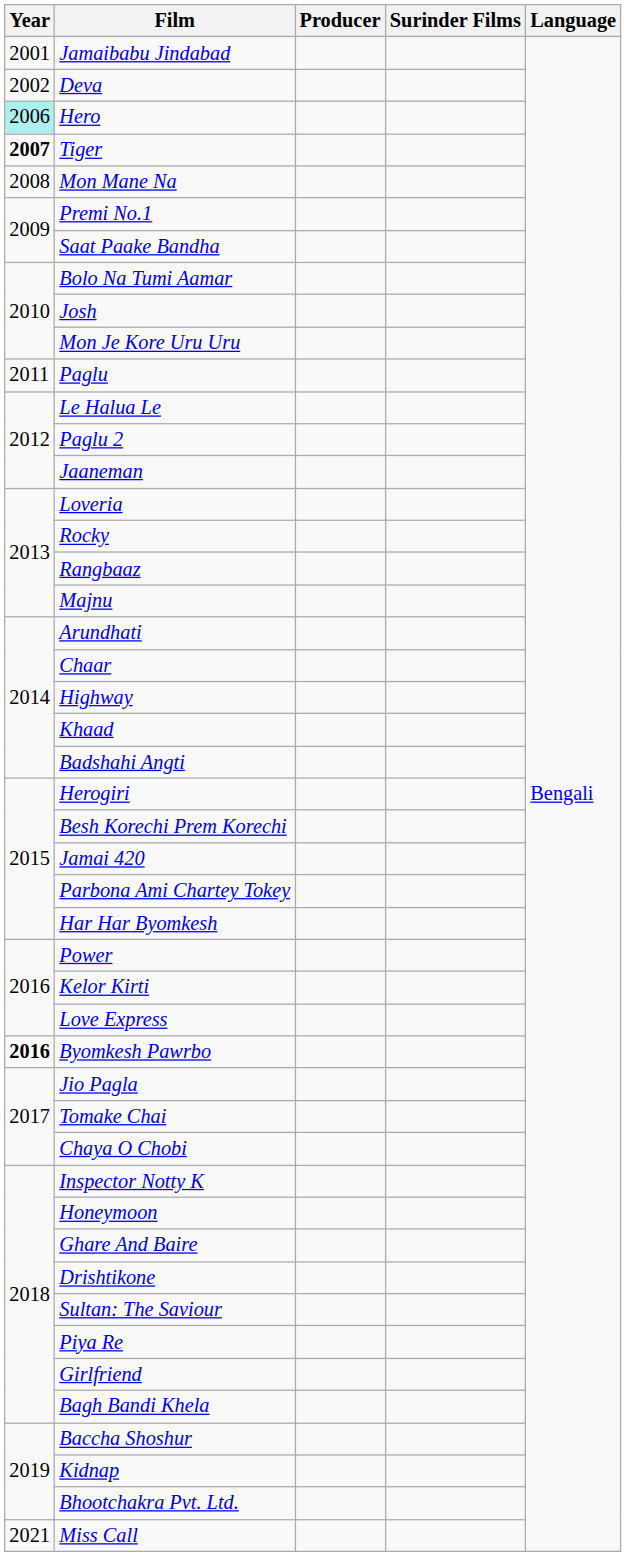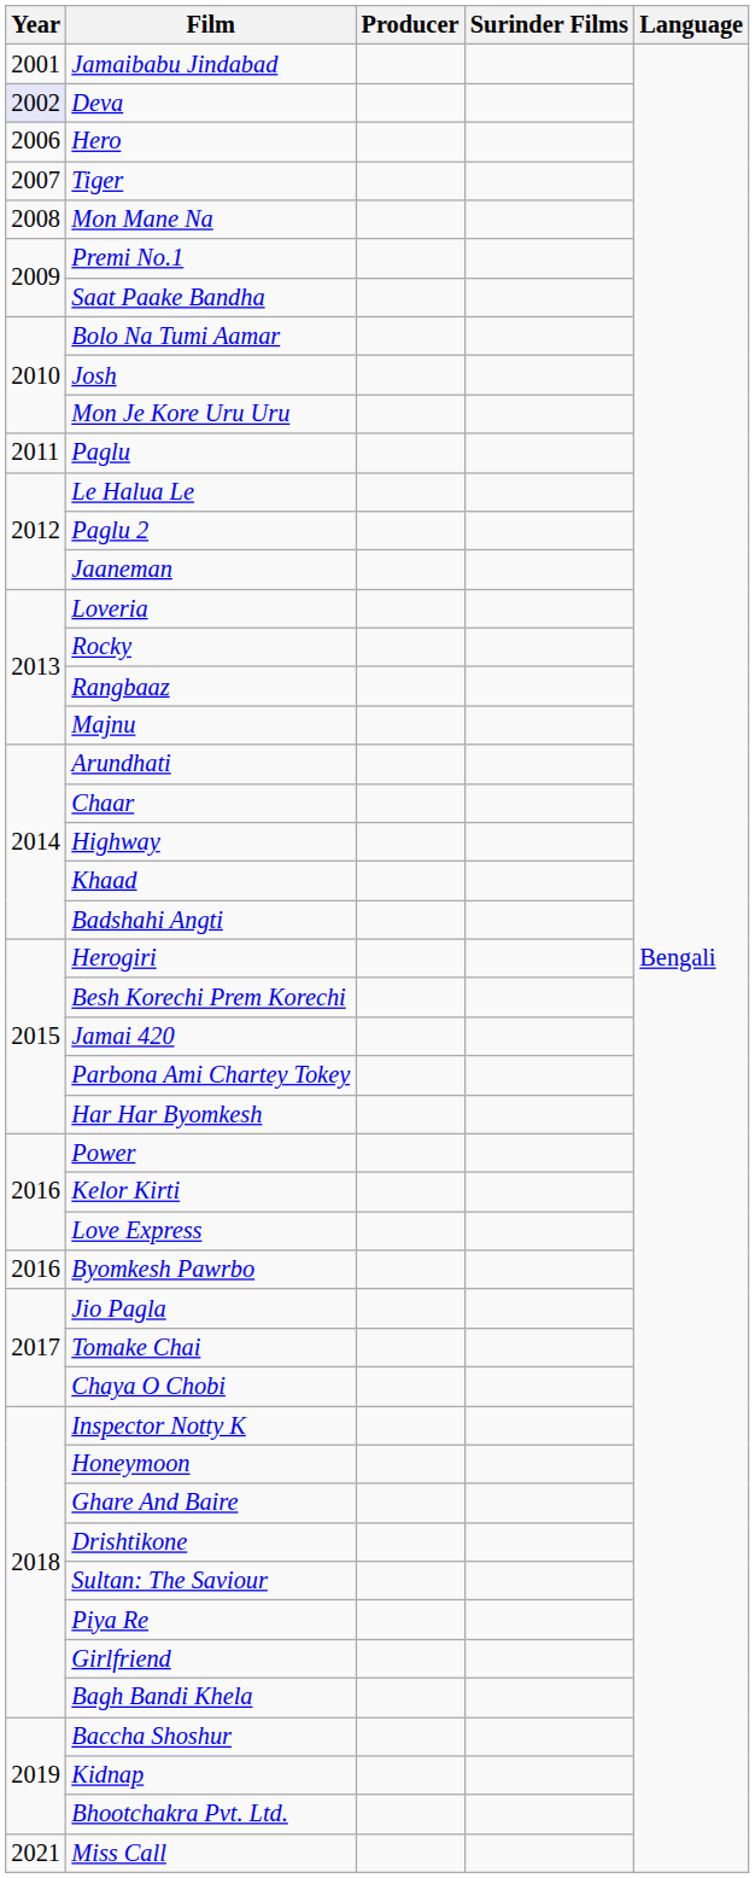 <table class="wikitable sortable">
 <tr>
 <th>Year</th>
 <th>Film</th>
 <th>Producer</th>
 <th>Surinder Films</th>
 <th>Language</th>
 </tr>
 <tr>
 <td>2001</td>
 <td><em><a href='#'>Jamaibabu Jindabad</a></em></td>
 <td></td>
 <td></td>
 <td rowspan="47"><a href='#'>Bengali</a></td>
 </tr>
 <tr>
-<td>2002</td>
+<td style="background: lavender;">2002</td>
 <td><em><a href='#'>Deva</a></em></td>
 <td></td>
 <td></td>
 </tr>
 <tr>
-<td style="background: paleturquoise;">2006</td>
+<td>2006</td>
 <td><em><a href='#'>Hero</a></em></td>
 <td></td>
 <td></td>
 </tr>
 <tr>
-<td><strong>2007</strong></td>
+<td>2007</td>
 <td><em><a href='#'>Tiger</a></em></td>
 <td></td>
 <td></td>
 </tr>
 <tr>
 <td>2008</td>
 <td><em><a href='#'>Mon Mane Na</a></em></td>
 <td></td>
 <td></td>
 </tr>
 <tr>
 <td rowspan="2">2009</td>
 <td><em><a href='#'>Premi No.1</a></em></td>
 <td></td>
 <td></td>
 </tr>
 <tr>
 <td><em><a href='#'>Saat Paake Bandha</a></em></td>
 <td></td>
 <td></td>
 </tr>
 <tr>
 <td rowspan="3">2010</td>
 <td><em><a href='#'>Bolo Na Tumi Aamar</a></em></td>
 <td></td>
 <td></td>
 </tr>
 <tr>
 <td><em><a href='#'>Josh</a></em></td>
 <td></td>
 <td></td>
 </tr>
 <tr>
 <td><em><a href='#'>Mon Je Kore Uru Uru</a></em></td>
 <td></td>
 <td></td>
 </tr>
 <tr>
 <td>2011</td>
 <td><em><a href='#'>Paglu</a></em></td>
 <td></td>
 <td></td>
 </tr>
 <tr>
 <td rowspan="3">2012</td>
 <td><em><a href='#'>Le Halua Le</a></em></td>
 <td></td>
 <td></td>
 </tr>
 <tr>
 <td><em><a href='#'>Paglu 2</a></em></td>
 <td></td>
 <td></td>
 </tr>
 <tr>
 <td><em><a href='#'>Jaaneman</a></em></td>
 <td></td>
 <td></td>
 </tr>
 <tr>
 <td rowspan="4">2013</td>
 <td><em><a href='#'>Loveria</a></em></td>
 <td></td>
 <td></td>
 </tr>
 <tr>
 <td><em><a href='#'>Rocky</a></em></td>
 <td></td>
 <td></td>
 </tr>
 <tr>
 <td><em><a href='#'>Rangbaaz</a></em></td>
 <td></td>
 <td></td>
 </tr>
 <tr>
 <td><em><a href='#'>Majnu</a></em></td>
 <td></td>
 <td></td>
 </tr>
 <tr>
 <td rowspan="5">2014</td>
 <td><em><a href='#'>Arundhati</a></em></td>
 <td></td>
 <td></td>
 </tr>
 <tr>
 <td><em><a href='#'>Chaar</a></em></td>
 <td></td>
 <td></td>
 </tr>
 <tr>
 <td><em><a href='#'>Highway</a></em></td>
 <td></td>
 <td></td>
 </tr>
 <tr>
 <td><em><a href='#'>Khaad</a></em></td>
 <td></td>
 <td></td>
 </tr>
 <tr>
 <td><em><a href='#'>Badshahi Angti</a></em></td>
 <td></td>
 <td></td>
 </tr>
 <tr>
 <td rowspan="5">2015</td>
 <td><em><a href='#'>Herogiri</a></em></td>
 <td></td>
 <td></td>
 </tr>
 <tr>
 <td><em><a href='#'>Besh Korechi Prem Korechi</a></em></td>
 <td></td>
 <td></td>
 </tr>
 <tr>
 <td><em><a href='#'>Jamai 420</a></em></td>
 <td></td>
 <td></td>
 </tr>
 <tr>
 <td><em><a href='#'>Parbona Ami Chartey Tokey</a></em></td>
 <td></td>
 <td></td>
 </tr>
 <tr>
 <td><em><a href='#'>Har Har Byomkesh</a></em></td>
 <td></td>
 <td></td>
 </tr>
 <tr>
 <td rowspan="3">2016</td>
 <td><em><a href='#'>Power</a></em></td>
 <td></td>
 <td></td>
 </tr>
 <tr>
 <td><em><a href='#'>Kelor Kirti</a></em></td>
 <td></td>
 <td></td>
 </tr>
 <tr>
 <td><em><a href='#'>Love Express</a></em></td>
 <td></td>
 <td></td>
 </tr>
 <tr>
-<td rowspan="1"><strong>2016</strong></td>
+<td rowspan="1">2016</td>
 <td><em><a href='#'>Byomkesh Pawrbo</a></em></td>
 <td></td>
 <td></td>
 </tr>
 <tr>
 <td rowspan="3">2017</td>
 <td><em><a href='#'>Jio Pagla</a></em></td>
 <td></td>
 <td></td>
 </tr>
 <tr>
 <td><em><a href='#'>Tomake Chai</a></em></td>
 <td></td>
 <td></td>
 </tr>
 <tr>
 <td><em><a href='#'>Chaya O Chobi</a></em></td>
 <td></td>
 <td></td>
 </tr>
 <tr>
 <td rowspan="8">2018</td>
 <td><em><a href='#'>Inspector Notty K</a></em></td>
 <td></td>
 <td></td>
 </tr>
 <tr>
 <td><em><a href='#'>Honeymoon</a></em></td>
 <td></td>
 <td></td>
 </tr>
 <tr>
 <td><em><a href='#'>Ghare And Baire</a></em></td>
 <td></td>
 <td></td>
 </tr>
 <tr>
 <td><em><a href='#'>Drishtikone</a></em></td>
 <td></td>
 <td></td>
 </tr>
 <tr>
 <td><em><a href='#'>Sultan: The Saviour</a></em></td>
 <td></td>
 <td></td>
 </tr>
 <tr>
 <td><em><a href='#'>Piya Re</a></em></td>
 <td></td>
 <td></td>
 </tr>
 <tr>
 <td><em><a href='#'>Girlfriend</a></em></td>
 <td></td>
 <td></td>
 </tr>
 <tr>
 <td><em><a href='#'>Bagh Bandi Khela</a></em></td>
 <td></td>
 <td></td>
 </tr>
 <tr>
 <td rowspan="3">2019</td>
 <td><em><a href='#'>Baccha Shoshur</a></em></td>
 <td></td>
 <td></td>
 </tr>
 <tr>
 <td><em><a href='#'>Kidnap</a></em></td>
 <td></td>
 <td></td>
 </tr>
 <tr>
 <td><em><a href='#'>Bhootchakra Pvt. Ltd.</a></em></td>
 <td></td>
 <td></td>
 </tr>
 <tr>
 <td>2021</td>
 <td><em><a href='#'>Miss Call</a></em></td>
 <td></td>
 <td></td>
 </tr>
 <tr>
 </tr>
 </table>
